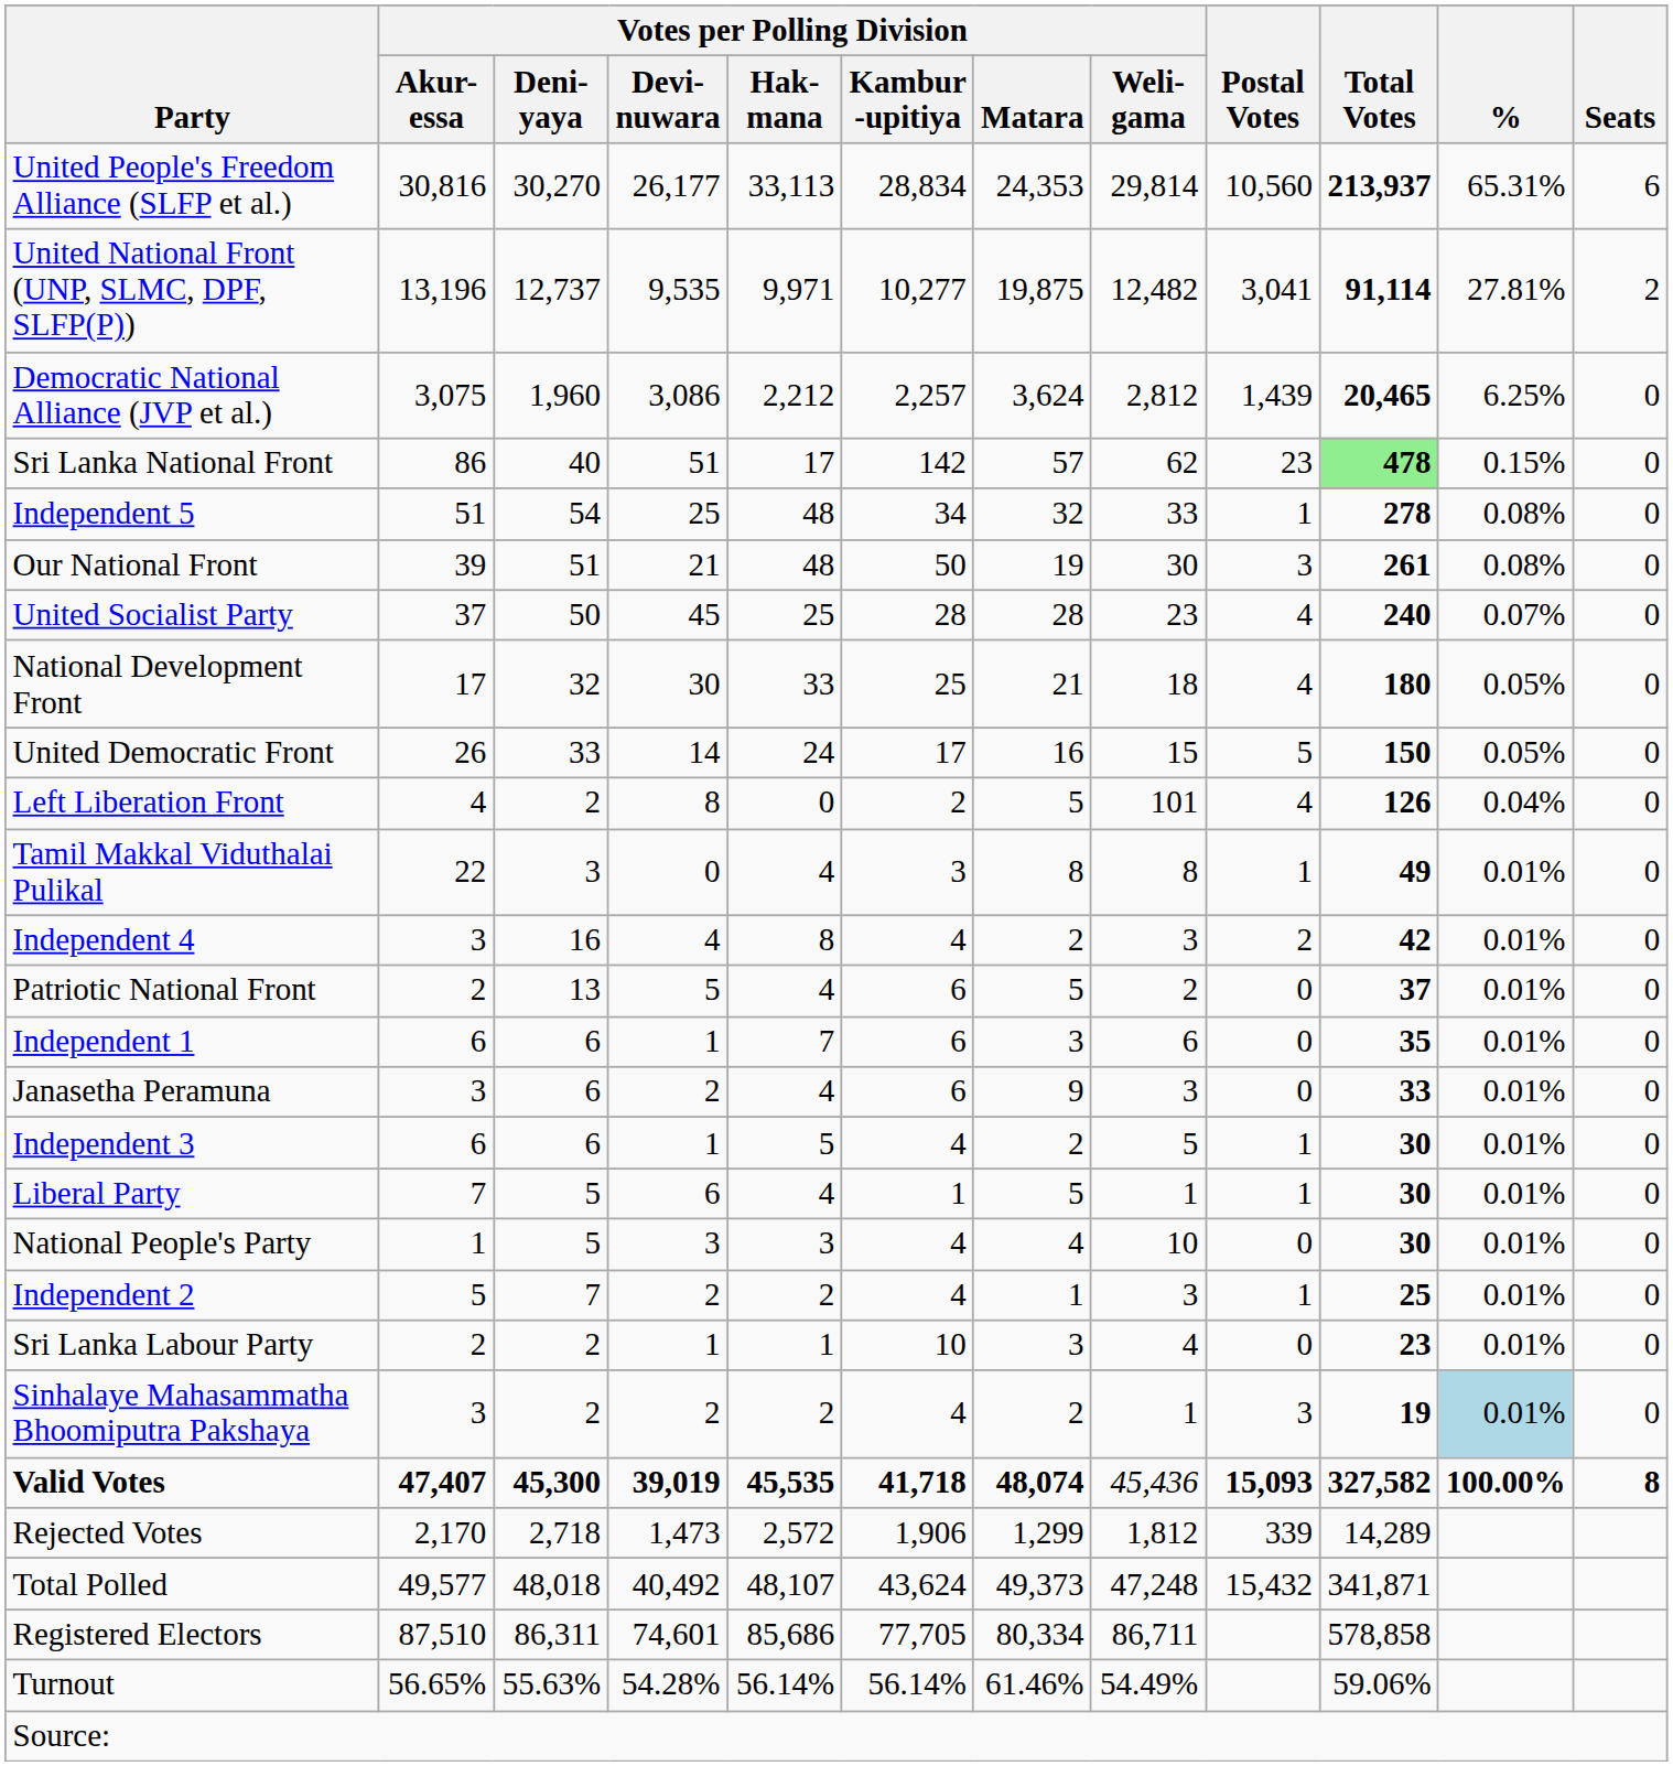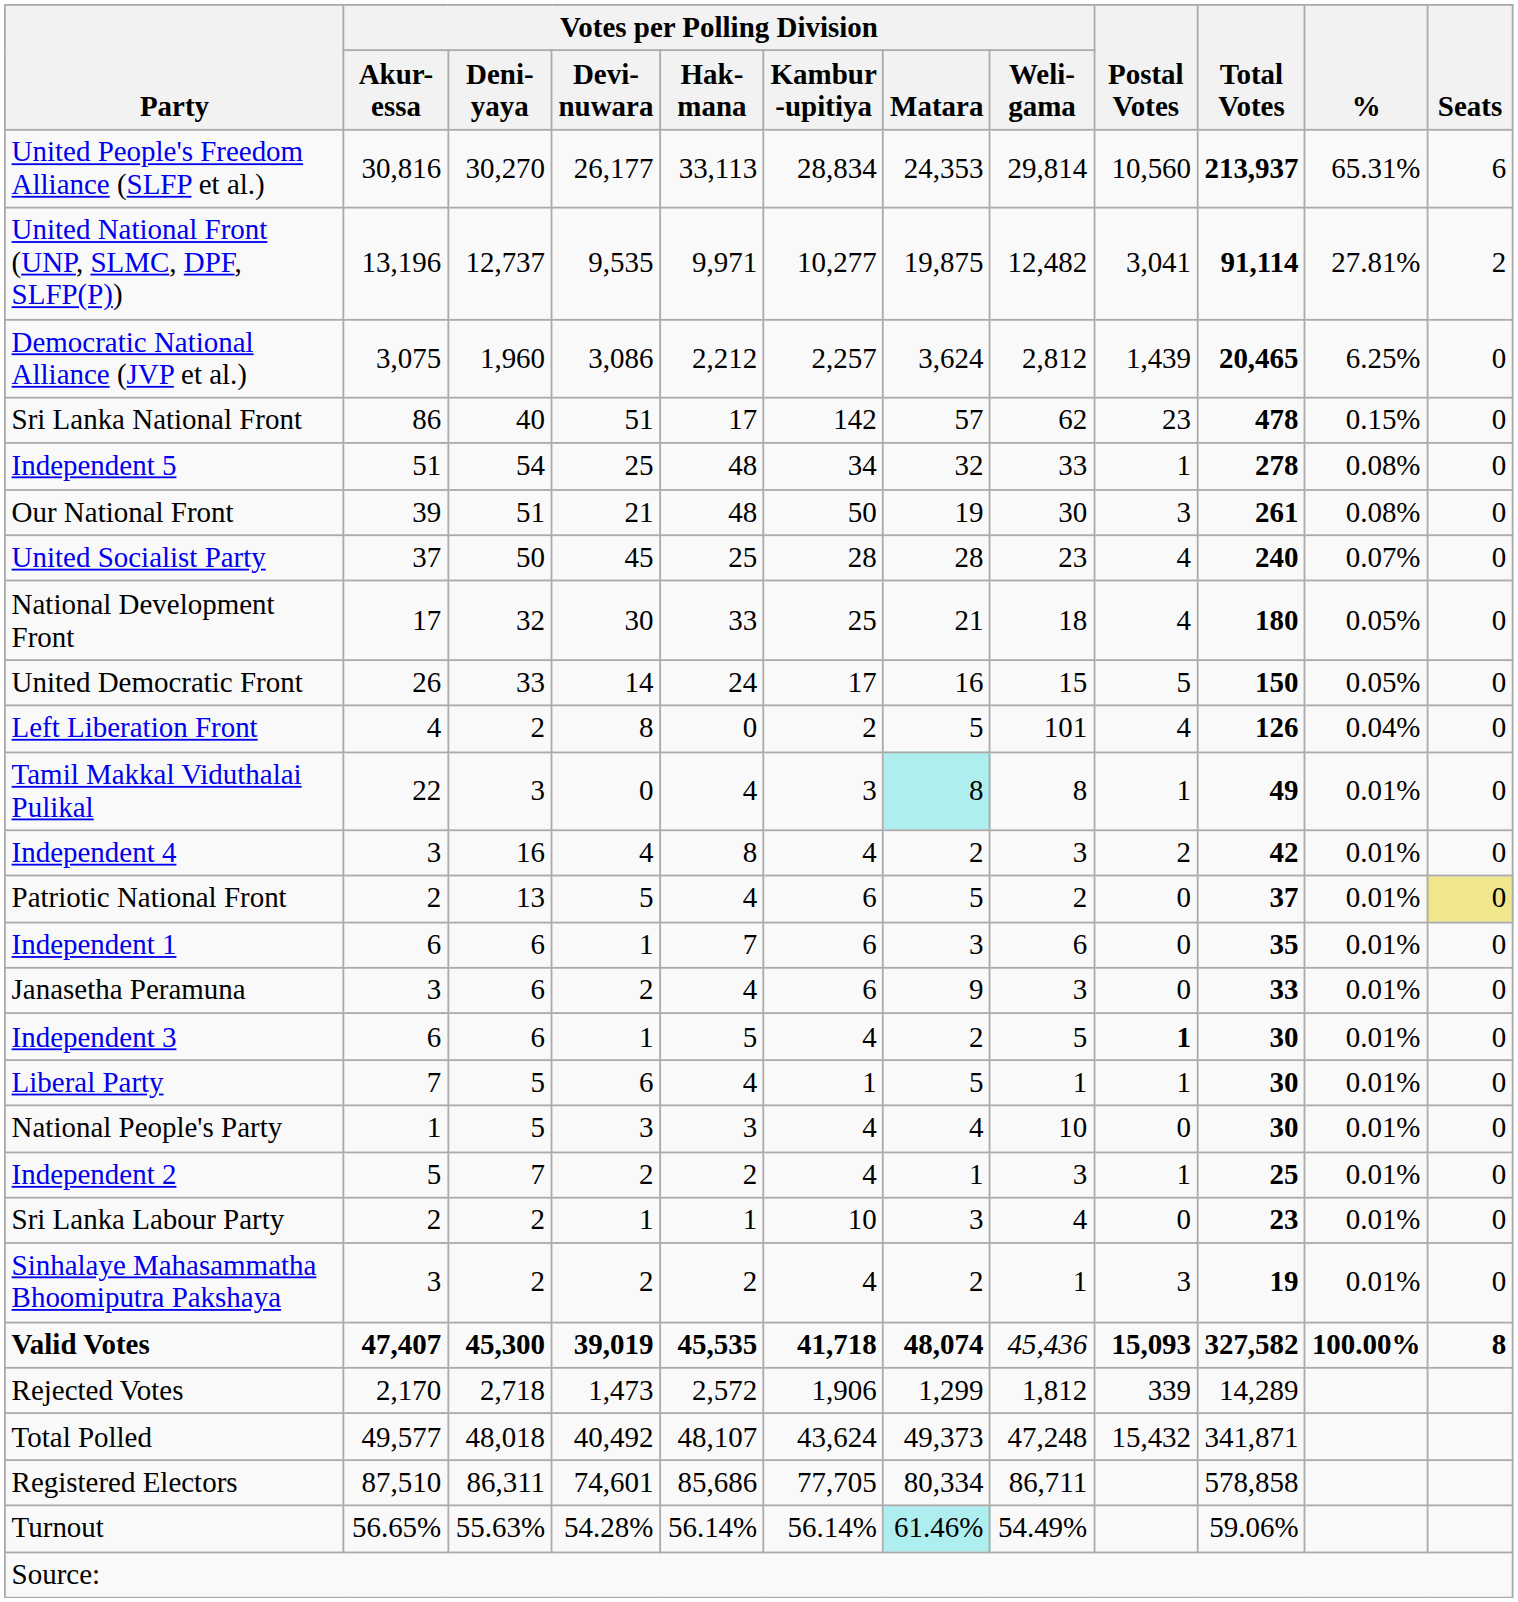 <table class="wikitable" border="1" style="text-align:right;">
 <tr>
 <th align=left valign=bottom rowspan=2 width="180">Party</th>
 <th colspan=7>Votes per Polling Division</th>
 <th align=center valign=bottom rowspan=2 width="50">Postal<br>Votes</th>
 <th align=center valign=bottom rowspan=2 width="50">Total Votes</th>
 <th align=center valign=bottom rowspan=2 width="50">%</th>
 <th align=center valign=bottom rowspan=2 width="40">Seats</th>
 </tr>
 <tr>
 <th align=center valign=bottom width="50">Akur-<br>essa</th>
 <th align=center valign=bottom width="50">Deni-<br>yaya</th>
 <th align=center valign=bottom width="50">Devi-<br>nuwara</th>
 <th align=center valign=bottom width="50">Hak-<br>mana</th>
 <th align=center valign=bottom width="50">Kambur<br>-upitiya</th>
 <th align=center valign=bottom width="50">Matara</th>
 <th align=center valign=bottom width="50">Weli-<br>gama</th>
 </tr>
 <tr>
 <td align=left><a href='#'>United People's Freedom Alliance</a> (<a href='#'>SLFP</a> et al.)</td>
 <td>30,816</td>
 <td>30,270</td>
 <td>26,177</td>
 <td>33,113</td>
 <td>28,834</td>
 <td>24,353</td>
 <td>29,814</td>
 <td>10,560</td>
 <td><strong>213,937</strong></td>
 <td>65.31%</td>
 <td>6</td>
 </tr>
 <tr>
 <td align=left><a href='#'>United National Front</a><br>(<a href='#'>UNP</a>, <a href='#'>SLMC</a>, <a href='#'>DPF</a>, <a href='#'>SLFP(P)</a>)</td>
 <td>13,196</td>
 <td>12,737</td>
 <td>9,535</td>
 <td>9,971</td>
 <td>10,277</td>
 <td>19,875</td>
 <td>12,482</td>
 <td>3,041</td>
 <td><strong>91,114</strong></td>
 <td>27.81%</td>
 <td>2</td>
 </tr>
 <tr>
 <td align=left><a href='#'>Democratic National Alliance</a> (<a href='#'>JVP</a> et al.)</td>
 <td>3,075</td>
 <td>1,960</td>
 <td>3,086</td>
 <td>2,212</td>
 <td>2,257</td>
 <td>3,624</td>
 <td>2,812</td>
 <td>1,439</td>
 <td><strong>20,465</strong></td>
 <td>6.25%</td>
 <td>0</td>
 </tr>
 <tr>
 <td align=left>Sri Lanka National Front</td>
 <td>86</td>
 <td>40</td>
 <td>51</td>
 <td>17</td>
 <td>142</td>
 <td>57</td>
 <td>62</td>
 <td>23</td>
-<td style="background: lightgreen;"><strong>478</strong></td>
+<td><strong>478</strong></td>
 <td>0.15%</td>
 <td>0</td>
 </tr>
 <tr>
 <td align=left><a href='#'>Independent 5</a></td>
 <td>51</td>
 <td>54</td>
 <td>25</td>
 <td>48</td>
 <td>34</td>
 <td>32</td>
 <td>33</td>
 <td>1</td>
 <td><strong>278</strong></td>
 <td>0.08%</td>
 <td>0</td>
 </tr>
 <tr>
 <td align=left>Our National Front</td>
 <td>39</td>
 <td>51</td>
 <td>21</td>
 <td>48</td>
 <td>50</td>
 <td>19</td>
 <td>30</td>
 <td>3</td>
 <td><strong>261</strong></td>
 <td>0.08%</td>
 <td>0</td>
 </tr>
 <tr>
 <td align=left><a href='#'>United Socialist Party</a></td>
 <td>37</td>
 <td>50</td>
 <td>45</td>
 <td>25</td>
 <td>28</td>
 <td>28</td>
 <td>23</td>
 <td>4</td>
 <td><strong>240</strong></td>
 <td>0.07%</td>
 <td>0</td>
 </tr>
 <tr>
 <td align=left>National Development Front</td>
 <td>17</td>
 <td>32</td>
 <td>30</td>
 <td>33</td>
 <td>25</td>
 <td>21</td>
 <td>18</td>
 <td>4</td>
 <td><strong>180</strong></td>
 <td>0.05%</td>
 <td>0</td>
 </tr>
 <tr>
 <td align=left>United Democratic Front</td>
 <td>26</td>
 <td>33</td>
 <td>14</td>
 <td>24</td>
 <td>17</td>
 <td>16</td>
 <td>15</td>
 <td>5</td>
 <td><strong>150</strong></td>
 <td>0.05%</td>
 <td>0</td>
 </tr>
 <tr>
 <td align=left><a href='#'>Left Liberation Front</a></td>
 <td>4</td>
 <td>2</td>
 <td>8</td>
 <td>0</td>
 <td>2</td>
 <td>5</td>
 <td>101</td>
 <td>4</td>
 <td><strong>126</strong></td>
 <td>0.04%</td>
 <td>0</td>
 </tr>
 <tr>
 <td align=left><a href='#'>Tamil Makkal Viduthalai Pulikal</a></td>
 <td>22</td>
 <td>3</td>
 <td>0</td>
 <td>4</td>
 <td>3</td>
-<td>8</td>
+<td style="background: paleturquoise;">8</td>
 <td>8</td>
 <td>1</td>
 <td><strong>49</strong></td>
 <td>0.01%</td>
 <td>0</td>
 </tr>
 <tr>
 <td align=left><a href='#'>Independent 4</a></td>
 <td>3</td>
 <td>16</td>
 <td>4</td>
 <td>8</td>
 <td>4</td>
 <td>2</td>
 <td>3</td>
 <td>2</td>
 <td><strong>42</strong></td>
 <td>0.01%</td>
 <td>0</td>
 </tr>
 <tr>
 <td align=left>Patriotic National Front</td>
 <td>2</td>
 <td>13</td>
 <td>5</td>
 <td>4</td>
 <td>6</td>
 <td>5</td>
 <td>2</td>
 <td>0</td>
 <td><strong>37</strong></td>
 <td>0.01%</td>
-<td>0</td>
+<td style="background: khaki;">0</td>
 </tr>
 <tr>
 <td align=left><a href='#'>Independent 1</a></td>
 <td>6</td>
 <td>6</td>
 <td>1</td>
 <td>7</td>
 <td>6</td>
 <td>3</td>
 <td>6</td>
 <td>0</td>
 <td><strong>35</strong></td>
 <td>0.01%</td>
 <td>0</td>
 </tr>
 <tr>
 <td align=left>Janasetha Peramuna</td>
 <td>3</td>
 <td>6</td>
 <td>2</td>
 <td>4</td>
 <td>6</td>
 <td>9</td>
 <td>3</td>
 <td>0</td>
 <td><strong>33</strong></td>
 <td>0.01%</td>
 <td>0</td>
 </tr>
 <tr>
 <td align=left><a href='#'>Independent 3</a></td>
 <td>6</td>
 <td>6</td>
 <td>1</td>
 <td>5</td>
 <td>4</td>
 <td>2</td>
 <td>5</td>
-<td>1</td>
+<td><strong>1</strong></td>
 <td><strong>30</strong></td>
 <td>0.01%</td>
 <td>0</td>
 </tr>
 <tr>
 <td align=left><a href='#'>Liberal Party</a></td>
 <td>7</td>
 <td>5</td>
 <td>6</td>
 <td>4</td>
 <td>1</td>
 <td>5</td>
 <td>1</td>
 <td>1</td>
 <td><strong>30</strong></td>
 <td>0.01%</td>
 <td>0</td>
 </tr>
 <tr>
 <td align=left>National People's Party</td>
 <td>1</td>
 <td>5</td>
 <td>3</td>
 <td>3</td>
 <td>4</td>
 <td>4</td>
 <td>10</td>
 <td>0</td>
 <td><strong>30</strong></td>
 <td>0.01%</td>
 <td>0</td>
 </tr>
 <tr>
 <td align=left><a href='#'>Independent 2</a></td>
 <td>5</td>
 <td>7</td>
 <td>2</td>
 <td>2</td>
 <td>4</td>
 <td>1</td>
 <td>3</td>
 <td>1</td>
 <td><strong>25</strong></td>
 <td>0.01%</td>
 <td>0</td>
 </tr>
 <tr>
 <td align=left>Sri Lanka Labour Party</td>
 <td>2</td>
 <td>2</td>
 <td>1</td>
 <td>1</td>
 <td>10</td>
 <td>3</td>
 <td>4</td>
 <td>0</td>
 <td><strong>23</strong></td>
 <td>0.01%</td>
 <td>0</td>
 </tr>
 <tr>
 <td align=left><a href='#'>Sinhalaye Mahasammatha Bhoomiputra Pakshaya</a></td>
 <td>3</td>
 <td>2</td>
 <td>2</td>
 <td>2</td>
 <td>4</td>
 <td>2</td>
 <td>1</td>
 <td>3</td>
 <td><strong>19</strong></td>
-<td style="background: lightblue;">0.01%</td>
+<td>0.01%</td>
 <td>0</td>
 </tr>
 <tr>
 <td align=left><strong>Valid Votes</strong></td>
 <td><strong>47,407</strong></td>
 <td><strong>45,300</strong></td>
 <td><strong>39,019</strong></td>
 <td><strong>45,535</strong></td>
 <td><strong>41,718</strong></td>
 <td><strong>48,074</strong></td>
 <td><em>45,436</em></td>
 <td><strong>15,093</strong></td>
 <td><strong>327,582</strong></td>
 <td><strong>100.00%</strong></td>
 <td><strong>8</strong></td>
 </tr>
 <tr>
 <td align=left>Rejected Votes</td>
 <td>2,170</td>
 <td>2,718</td>
 <td>1,473</td>
 <td>2,572</td>
 <td>1,906</td>
 <td>1,299</td>
 <td>1,812</td>
 <td>339</td>
 <td>14,289</td>
 <td></td>
 <td></td>
 </tr>
 <tr>
 <td align=left>Total Polled</td>
 <td>49,577</td>
 <td>48,018</td>
 <td>40,492</td>
 <td>48,107</td>
 <td>43,624</td>
 <td>49,373</td>
 <td>47,248</td>
 <td>15,432</td>
 <td>341,871</td>
 <td></td>
 <td></td>
 </tr>
 <tr>
 <td align=left>Registered Electors</td>
 <td>87,510</td>
 <td>86,311</td>
 <td>74,601</td>
 <td>85,686</td>
 <td>77,705</td>
 <td>80,334</td>
 <td>86,711</td>
 <td></td>
 <td>578,858</td>
 <td></td>
 <td></td>
 </tr>
 <tr>
 <td align=left>Turnout</td>
 <td>56.65%</td>
 <td>55.63%</td>
 <td>54.28%</td>
 <td>56.14%</td>
 <td>56.14%</td>
-<td>61.46%</td>
+<td style="background: paleturquoise;">61.46%</td>
 <td>54.49%</td>
 <td></td>
 <td>59.06%</td>
 <td></td>
 <td></td>
 </tr>
 <tr>
 <td align=left colspan=13>Source:</td>
 </tr>
 </table>
